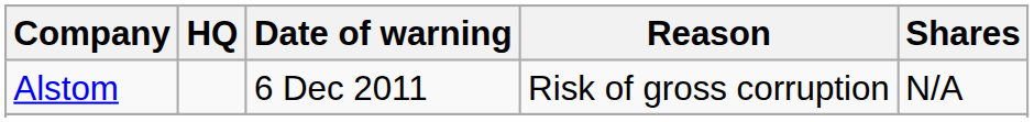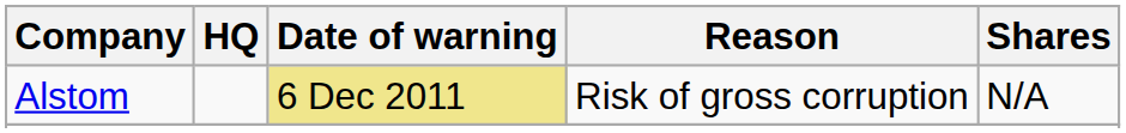 <table class="wikitable" style="font-size:95%;">
 <tr>
 <th>Company</th>
 <th>HQ</th>
 <th>Date of warning</th>
 <th>Reason</th>
 <th>Shares</th>
 </tr>
 <tr>
 <td><a href='#'>Alstom</a></td>
 <td></td>
-<td>6 Dec 2011</td>
+<td style="background: khaki;">6 Dec 2011</td>
 <td>Risk of gross corruption</td>
 <td>N/A</td>
 </tr>
 <tr>
 </tr>
 <tr>
 </tr>
 </table>
